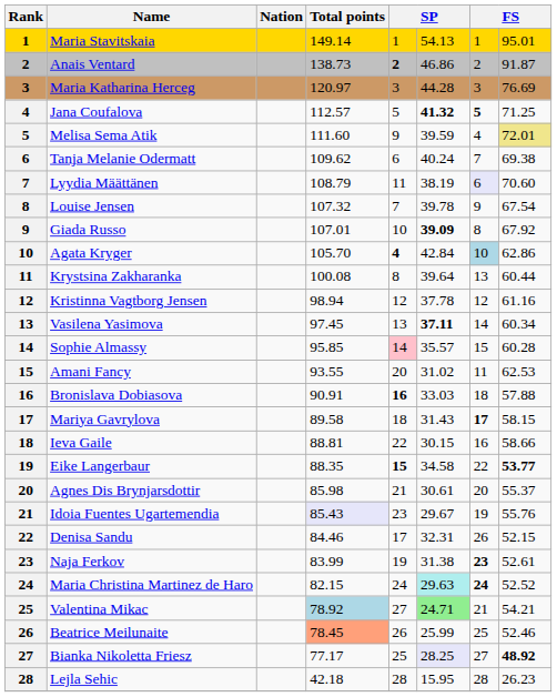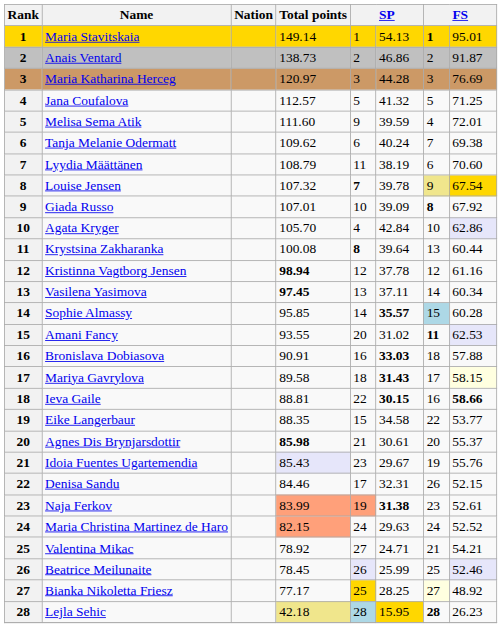 <table class="wikitable sortable">
 <tr>
 <th>Rank</th>
 <th>Name</th>
 <th>Nation</th>
 <th>Total points</th>
 <th colspan="2" width="80px"><a href='#'>SP</a></th>
 <th colspan="2" width="80px"><a href='#'>FS</a></th>
 </tr>
 <tr bgcolor="gold">
 <td align="center"><strong>1</strong></td>
 <td><a href='#'>Maria Stavitskaia</a></td>
 <td></td>
 <td>149.14</td>
 <td>1</td>
 <td>54.13</td>
-<td>1</td>
+<td><strong>1</strong></td>
 <td>95.01</td>
 </tr>
 <tr bgcolor="silver">
 <td align="center"><strong>2</strong></td>
 <td><a href='#'>Anais Ventard</a></td>
 <td></td>
 <td>138.73</td>
-<td><strong>2</strong></td>
+<td>2</td>
 <td>46.86</td>
 <td>2</td>
 <td>91.87</td>
 </tr>
 <tr bgcolor="cc9966">
 <td align="center"><strong>3</strong></td>
 <td><a href='#'>Maria Katharina Herceg</a></td>
 <td></td>
 <td>120.97</td>
 <td>3</td>
 <td>44.28</td>
 <td>3</td>
 <td>76.69</td>
 </tr>
 <tr>
 <th>4</th>
 <td><a href='#'>Jana Coufalova</a></td>
 <td></td>
 <td>112.57</td>
 <td>5</td>
-<td><strong>41.32</strong></td>
-<td><strong>5</strong></td>
+<td>41.32</td>
+<td>5</td>
 <td>71.25</td>
 </tr>
 <tr>
 <th>5</th>
 <td><a href='#'>Melisa Sema Atik</a></td>
 <td></td>
 <td>111.60</td>
 <td>9</td>
 <td>39.59</td>
 <td>4</td>
-<td style="background: khaki;">72.01</td>
+<td>72.01</td>
 </tr>
 <tr>
 <th>6</th>
 <td><a href='#'>Tanja Melanie Odermatt</a></td>
 <td></td>
 <td>109.62</td>
 <td>6</td>
 <td>40.24</td>
 <td>7</td>
 <td>69.38</td>
 </tr>
 <tr>
 <th>7</th>
 <td><a href='#'>Lyydia Määttänen</a></td>
 <td></td>
 <td>108.79</td>
 <td>11</td>
 <td>38.19</td>
-<td style="background: lavender;">6</td>
+<td>6</td>
 <td>70.60</td>
 </tr>
 <tr>
 <th>8</th>
 <td><a href='#'>Louise Jensen</a></td>
 <td></td>
 <td>107.32</td>
-<td>7</td>
+<td><strong>7</strong></td>
 <td>39.78</td>
-<td>9</td>
-<td>67.54</td>
+<td style="background: khaki;">9</td>
+<td style="background: gold;">67.54</td>
 </tr>
 <tr>
 <th>9</th>
 <td><a href='#'>Giada Russo</a></td>
 <td></td>
 <td>107.01</td>
 <td>10</td>
-<td><strong>39.09</strong></td>
-<td>8</td>
+<td>39.09</td>
+<td><strong>8</strong></td>
 <td>67.92</td>
 </tr>
 <tr>
 <th>10</th>
 <td><a href='#'>Agata Kryger</a></td>
 <td></td>
 <td>105.70</td>
-<td><strong>4</strong></td>
+<td>4</td>
 <td>42.84</td>
-<td style="background: lightblue;">10</td>
-<td>62.86</td>
+<td>10</td>
+<td style="background: lavender;">62.86</td>
 </tr>
 <tr>
 <th>11</th>
 <td><a href='#'>Krystsina Zakharanka</a></td>
 <td></td>
 <td>100.08</td>
-<td>8</td>
+<td><strong>8</strong></td>
 <td>39.64</td>
 <td>13</td>
 <td>60.44</td>
 </tr>
 <tr>
 <th>12</th>
 <td><a href='#'>Kristinna Vagtborg Jensen</a></td>
 <td></td>
-<td>98.94</td>
+<td><strong>98.94</strong></td>
 <td>12</td>
 <td>37.78</td>
 <td>12</td>
 <td>61.16</td>
 </tr>
 <tr>
 <th>13</th>
 <td><a href='#'>Vasilena Yasimova</a></td>
 <td></td>
-<td>97.45</td>
+<td><strong>97.45</strong></td>
 <td>13</td>
-<td><strong>37.11</strong></td>
+<td>37.11</td>
 <td>14</td>
 <td>60.34</td>
 </tr>
 <tr>
 <th>14</th>
 <td><a href='#'>Sophie Almassy</a></td>
 <td></td>
 <td>95.85</td>
-<td style="background: pink;">14</td>
-<td>35.57</td>
-<td>15</td>
+<td>14</td>
+<td><strong>35.57</strong></td>
+<td style="background: lightblue;">15</td>
 <td>60.28</td>
 </tr>
 <tr>
 <th>15</th>
 <td><a href='#'>Amani Fancy</a></td>
 <td></td>
 <td>93.55</td>
 <td>20</td>
 <td>31.02</td>
-<td>11</td>
-<td>62.53</td>
+<td><strong>11</strong></td>
+<td style="background: lavender;">62.53</td>
 </tr>
 <tr>
 <th>16</th>
 <td><a href='#'>Bronislava Dobiasova</a></td>
 <td></td>
 <td>90.91</td>
-<td><strong>16</strong></td>
-<td>33.03</td>
+<td>16</td>
+<td><strong>33.03</strong></td>
 <td>18</td>
 <td>57.88</td>
 </tr>
 <tr>
 <th>17</th>
 <td><a href='#'>Mariya Gavrylova</a></td>
 <td></td>
 <td>89.58</td>
 <td>18</td>
-<td>31.43</td>
-<td><strong>17</strong></td>
-<td>58.15</td>
+<td><strong>31.43</strong></td>
+<td>17</td>
+<td style="background: lightyellow;">58.15</td>
 </tr>
 <tr>
 <th>18</th>
 <td><a href='#'>Ieva Gaile</a></td>
 <td></td>
 <td>88.81</td>
 <td>22</td>
-<td>30.15</td>
+<td><strong>30.15</strong></td>
 <td>16</td>
-<td>58.66</td>
+<td><strong>58.66</strong></td>
 </tr>
 <tr>
 <th>19</th>
 <td><a href='#'>Eike Langerbaur</a></td>
 <td></td>
 <td>88.35</td>
-<td><strong>15</strong></td>
+<td>15</td>
 <td>34.58</td>
 <td>22</td>
-<td><strong>53.77</strong></td>
+<td>53.77</td>
 </tr>
 <tr>
 <th>20</th>
 <td><a href='#'>Agnes Dis Brynjarsdottir</a></td>
 <td></td>
-<td>85.98</td>
+<td><strong>85.98</strong></td>
 <td>21</td>
 <td>30.61</td>
 <td>20</td>
 <td>55.37</td>
 </tr>
 <tr>
 <th>21</th>
 <td><a href='#'>Idoia Fuentes Ugartemendia</a></td>
 <td></td>
 <td style="background: lavender;">85.43</td>
 <td>23</td>
 <td>29.67</td>
 <td>19</td>
 <td>55.76</td>
 </tr>
 <tr>
 <th>22</th>
 <td><a href='#'>Denisa Sandu</a></td>
 <td></td>
 <td>84.46</td>
 <td>17</td>
 <td>32.31</td>
 <td>26</td>
 <td>52.15</td>
 </tr>
 <tr>
 <th>23</th>
 <td><a href='#'>Naja Ferkov</a></td>
 <td></td>
-<td>83.99</td>
-<td>19</td>
-<td>31.38</td>
-<td><strong>23</strong></td>
+<td style="background: lightsalmon;">83.99</td>
+<td style="background: lightsalmon;">19</td>
+<td><strong>31.38</strong></td>
+<td>23</td>
 <td>52.61</td>
 </tr>
 <tr>
 <th>24</th>
 <td><a href='#'>Maria Christina Martinez de Haro</a></td>
 <td></td>
-<td>82.15</td>
+<td style="background: lightsalmon;">82.15</td>
 <td>24</td>
-<td style="background: paleturquoise;">29.63</td>
-<td><strong>24</strong></td>
+<td>29.63</td>
+<td>24</td>
 <td>52.52</td>
 </tr>
 <tr>
 <th>25</th>
 <td><a href='#'>Valentina Mikac</a></td>
 <td></td>
-<td style="background: lightblue;">78.92</td>
+<td>78.92</td>
 <td>27</td>
-<td style="background: lightgreen;">24.71</td>
+<td>24.71</td>
 <td>21</td>
 <td>54.21</td>
 </tr>
 <tr>
 <th>26</th>
 <td><a href='#'>Beatrice Meilunaite</a></td>
 <td></td>
-<td style="background: lightsalmon;">78.45</td>
-<td>26</td>
+<td>78.45</td>
+<td style="background: lavender;">26</td>
 <td>25.99</td>
 <td>25</td>
-<td>52.46</td>
+<td style="background: lavender;">52.46</td>
 </tr>
 <tr>
 <th>27</th>
 <td><a href='#'>Bianka Nikoletta Friesz</a></td>
 <td></td>
 <td>77.17</td>
-<td>25</td>
-<td style="background: lavender;">28.25</td>
-<td>27</td>
-<td><strong>48.92</strong></td>
+<td style="background: gold;">25</td>
+<td>28.25</td>
+<td style="background: lightyellow;">27</td>
+<td>48.92</td>
 </tr>
 <tr>
 <th>28</th>
 <td><a href='#'>Lejla Sehic</a></td>
 <td></td>
-<td>42.18</td>
-<td>28</td>
-<td>15.95</td>
-<td>28</td>
+<td style="background: khaki;">42.18</td>
+<td style="background: lightblue;">28</td>
+<td style="background: gold;">15.95</td>
+<td><strong>28</strong></td>
 <td>26.23</td>
 </tr>
 <tr>
 </tr>
 </table>
